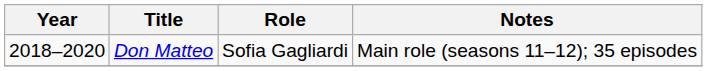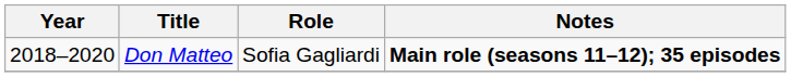 <table class="wikitable sortable">
 <tr>
 <th>Year</th>
 <th>Title</th>
 <th>Role</th>
 <th class="unsortable">Notes</th>
 </tr>
 <tr>
 <td>2018–2020</td>
 <td><em><a href='#'>Don Matteo</a></em></td>
 <td>Sofia Gagliardi</td>
-<td>Main role (seasons 11–12); 35 episodes</td>
+<td><strong>Main role (seasons 11–12); 35 episodes</strong></td>
 </tr>
 <tr>
 </tr>
 </table>
